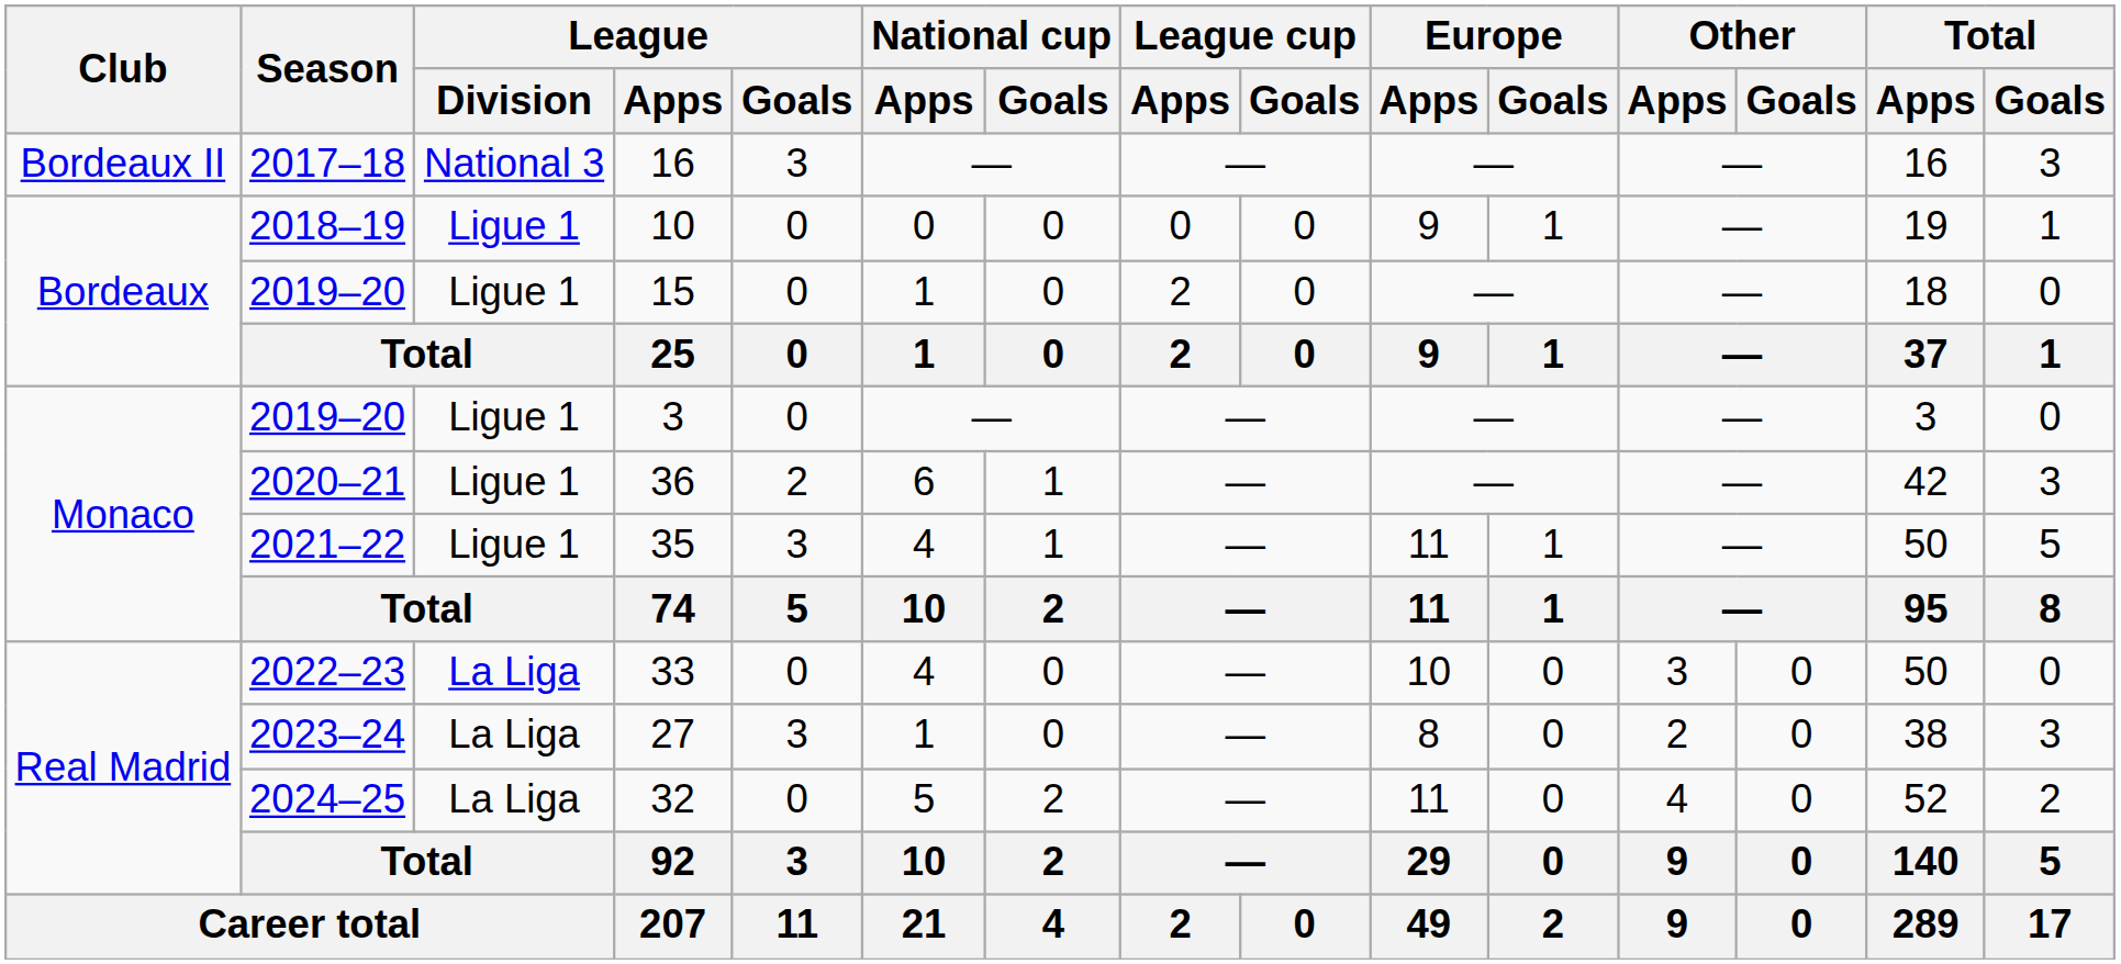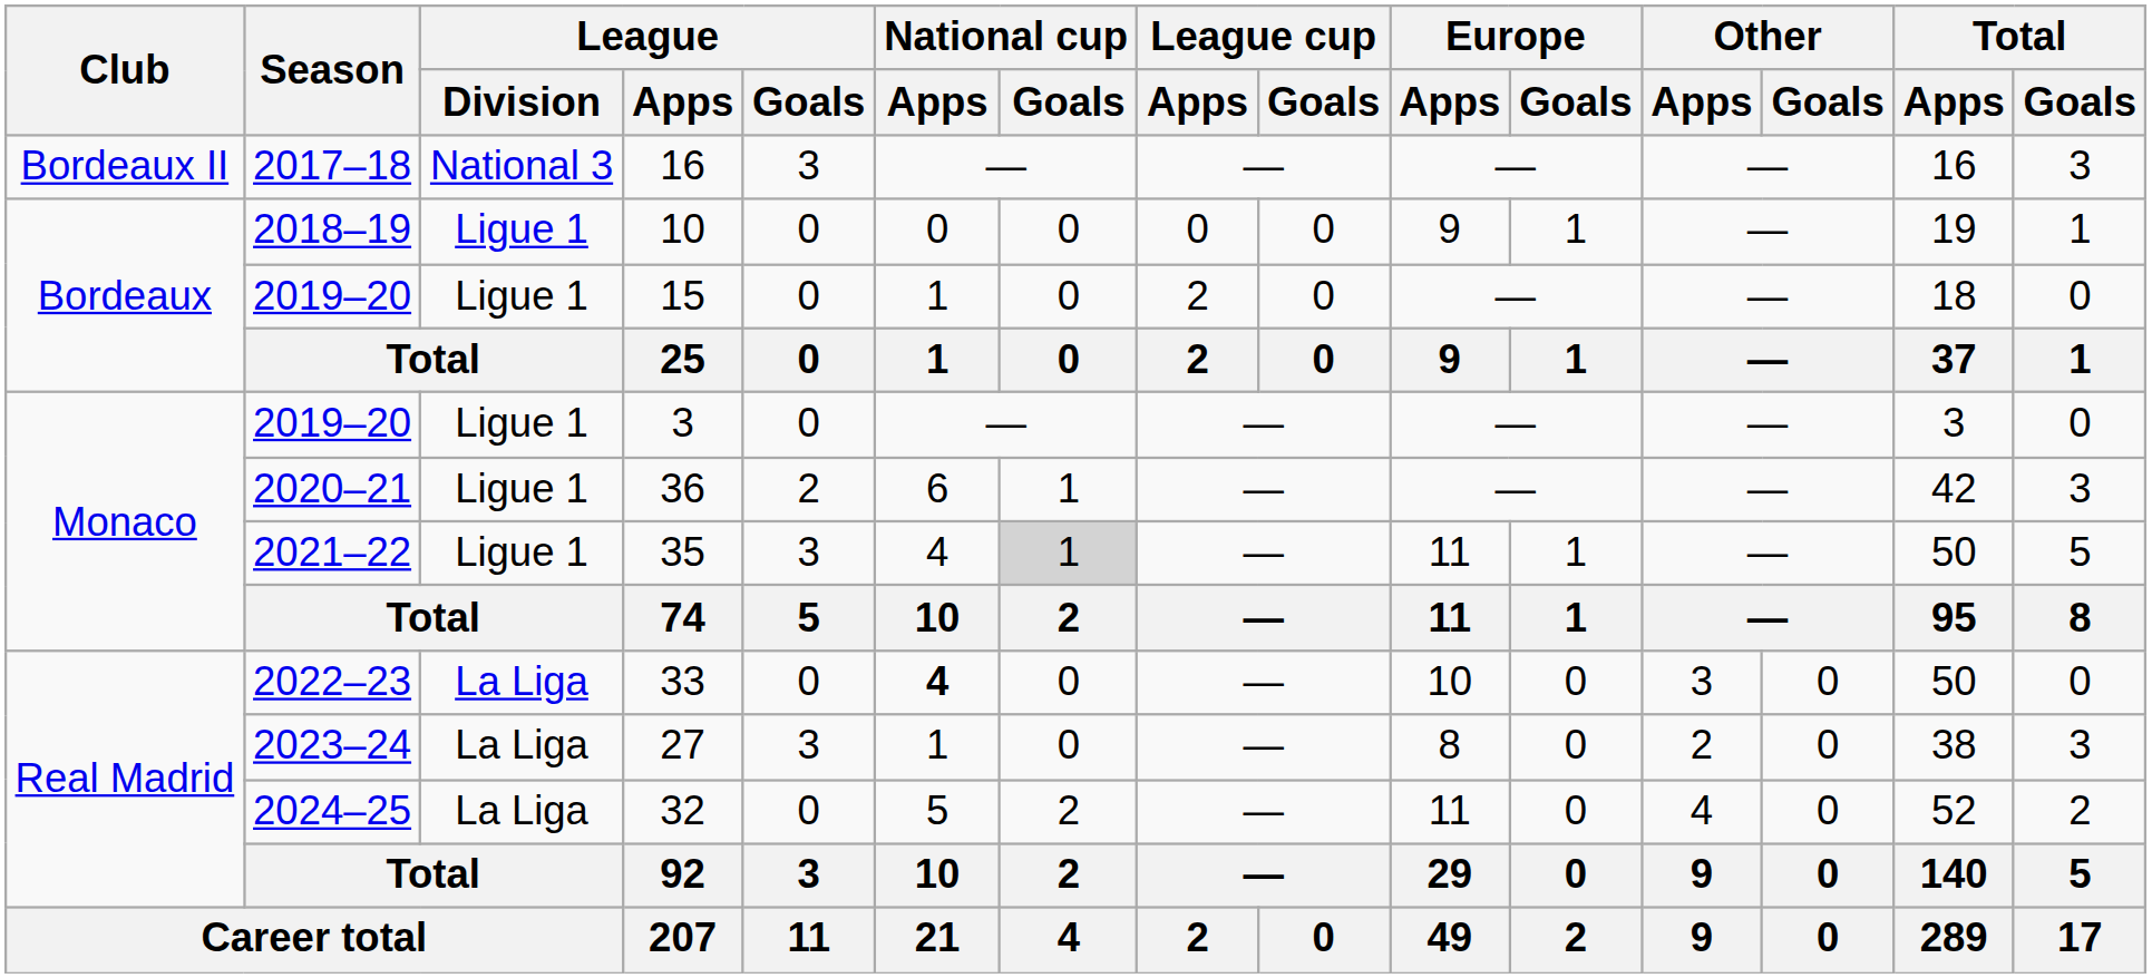 <table class="wikitable" style="text-align: center;">
 <tr>
 <th rowspan="2">Club</th>
 <th rowspan="2">Season</th>
 <th colspan="3">League</th>
 <th colspan="2">National cup</th>
 <th colspan="2">League cup</th>
 <th colspan="2">Europe</th>
 <th colspan="2">Other</th>
 <th colspan="2">Total</th>
 </tr>
 <tr>
 <th>Division</th>
 <th>Apps</th>
 <th>Goals</th>
 <th>Apps</th>
 <th>Goals</th>
 <th>Apps</th>
 <th>Goals</th>
 <th>Apps</th>
 <th>Goals</th>
 <th>Apps</th>
 <th>Goals</th>
 <th>Apps</th>
 <th>Goals</th>
 </tr>
 <tr>
 <td><a href='#'>Bordeaux II</a></td>
 <td><a href='#'>2017–18</a></td>
 <td><a href='#'>National 3</a></td>
 <td>16</td>
 <td>3</td>
 <td colspan="2">—</td>
 <td colspan="2">—</td>
 <td colspan="2">—</td>
 <td colspan="2">—</td>
 <td>16</td>
 <td>3</td>
 </tr>
 <tr>
 <td rowspan="3"><a href='#'>Bordeaux</a></td>
 <td><a href='#'>2018–19</a></td>
 <td><a href='#'>Ligue 1</a></td>
 <td>10</td>
 <td>0</td>
 <td>0</td>
 <td>0</td>
 <td>0</td>
 <td>0</td>
 <td>9</td>
 <td>1</td>
 <td colspan="2">—</td>
 <td>19</td>
 <td>1</td>
 </tr>
 <tr>
 <td><a href='#'>2019–20</a></td>
 <td>Ligue 1</td>
 <td>15</td>
 <td>0</td>
 <td>1</td>
 <td>0</td>
 <td>2</td>
 <td>0</td>
 <td colspan="2">—</td>
 <td colspan="2">—</td>
 <td>18</td>
 <td>0</td>
 </tr>
 <tr>
 <th colspan="2">Total</th>
 <th>25</th>
 <th>0</th>
 <th>1</th>
 <th>0</th>
 <th>2</th>
 <th>0</th>
 <th>9</th>
 <th>1</th>
 <th colspan="2">—</th>
 <th>37</th>
 <th>1</th>
 </tr>
 <tr>
 <td rowspan="4"><a href='#'>Monaco</a></td>
 <td><a href='#'>2019–20</a></td>
 <td>Ligue 1</td>
 <td>3</td>
 <td>0</td>
 <td colspan="2">—</td>
 <td colspan="2">—</td>
 <td colspan="2">—</td>
 <td colspan="2">—</td>
 <td>3</td>
 <td>0</td>
 </tr>
 <tr>
 <td><a href='#'>2020–21</a></td>
 <td>Ligue 1</td>
 <td>36</td>
 <td>2</td>
 <td>6</td>
 <td>1</td>
 <td colspan="2">—</td>
 <td colspan="2">—</td>
 <td colspan="2">—</td>
 <td>42</td>
 <td>3</td>
 </tr>
 <tr>
 <td><a href='#'>2021–22</a></td>
 <td>Ligue 1</td>
 <td>35</td>
 <td>3</td>
 <td>4</td>
-<td>1</td>
+<td style="background: lightgrey;">1</td>
 <td colspan="2">—</td>
 <td>11</td>
 <td>1</td>
 <td colspan="2">—</td>
 <td>50</td>
 <td>5</td>
 </tr>
 <tr>
 <th colspan="2">Total</th>
 <th>74</th>
 <th>5</th>
 <th>10</th>
 <th>2</th>
 <th colspan="2">—</th>
 <th>11</th>
 <th>1</th>
 <th colspan="2">—</th>
 <th>95</th>
 <th>8</th>
 </tr>
 <tr>
 <td rowspan=4><a href='#'>Real Madrid</a></td>
 <td><a href='#'>2022–23</a></td>
 <td><a href='#'>La Liga</a></td>
 <td>33</td>
 <td>0</td>
-<td>4</td>
+<td><strong>4</strong></td>
 <td>0</td>
 <td colspan="2">—</td>
 <td>10</td>
 <td>0</td>
 <td>3</td>
 <td>0</td>
 <td>50</td>
 <td>0</td>
 </tr>
 <tr>
 <td><a href='#'>2023–24</a></td>
 <td>La Liga</td>
 <td>27</td>
 <td>3</td>
 <td>1</td>
 <td>0</td>
 <td colspan="2">—</td>
 <td>8</td>
 <td>0</td>
 <td>2</td>
 <td>0</td>
 <td>38</td>
 <td>3</td>
 </tr>
 <tr>
 <td><a href='#'>2024–25</a></td>
 <td>La Liga</td>
 <td>32</td>
 <td>0</td>
 <td>5</td>
 <td>2</td>
 <td colspan="2">—</td>
 <td>11</td>
 <td>0</td>
 <td>4</td>
 <td>0</td>
 <td>52</td>
 <td>2</td>
 </tr>
 <tr>
 <th colspan="2">Total</th>
 <th>92</th>
 <th>3</th>
 <th>10</th>
 <th>2</th>
 <th colspan="2">—</th>
 <th>29</th>
 <th>0</th>
 <th>9</th>
 <th>0</th>
 <th>140</th>
 <th>5</th>
 </tr>
 <tr>
 <th colspan="3">Career total</th>
 <th>207</th>
 <th>11</th>
 <th>21</th>
 <th>4</th>
 <th>2</th>
 <th>0</th>
 <th>49</th>
 <th>2</th>
 <th>9</th>
 <th>0</th>
 <th>289</th>
 <th>17</th>
 </tr>
 </table>
